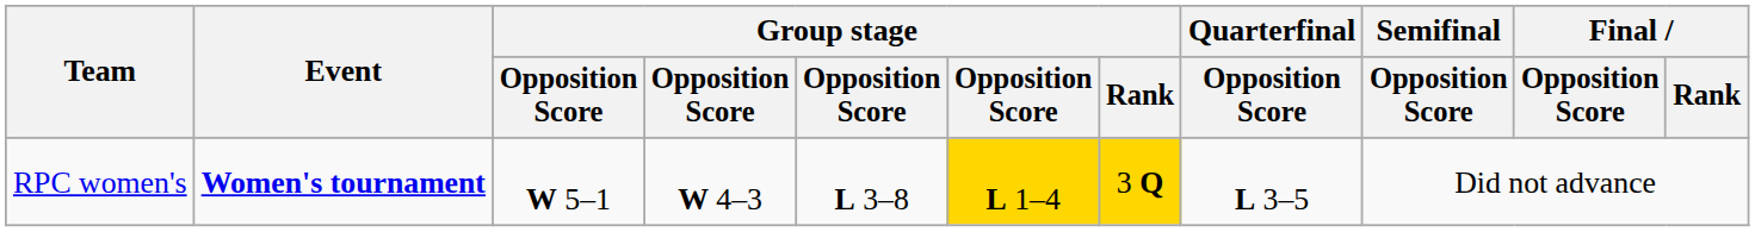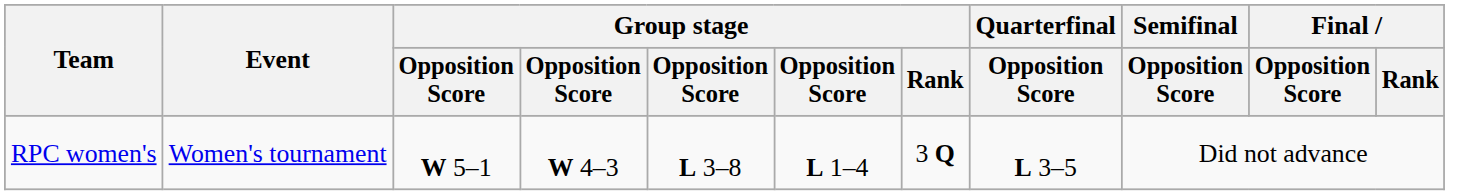 <table class="wikitable" style="text-align:center; font-size:90%">
 <tr>
 <th rowspan=2>Team</th>
 <th rowspan=2>Event</th>
 <th colspan=5>Group stage</th>
 <th>Quarterfinal</th>
 <th>Semifinal</th>
 <th colspan=2>Final / </th>
 </tr>
 <tr style="font-size:95%">
 <th>Opposition<br>Score</th>
 <th>Opposition<br>Score</th>
 <th>Opposition<br>Score</th>
 <th>Opposition<br>Score</th>
 <th>Rank</th>
 <th>Opposition<br>Score</th>
 <th>Opposition<br>Score</th>
 <th>Opposition<br>Score</th>
 <th>Rank</th>
 </tr>
 <tr>
 <td align=left><a href='#'>RPC women's</a></td>
-<td align=left><strong><a href='#'>Women's tournament</a></strong></td>
+<td align=left><a href='#'>Women's tournament</a></td>
 <td><br><strong>W</strong> 5–1</td>
 <td><br><strong>W</strong> 4–3</td>
 <td><br><strong>L</strong> 3–8</td>
-<td style="background: gold;"><br><strong>L</strong> 1–4</td>
-<td style="background: gold;">3 <strong>Q</strong></td>
+<td><br><strong>L</strong> 1–4</td>
+<td>3 <strong>Q</strong></td>
 <td><br><strong>L</strong> 3–5</td>
 <td colspan=3>Did not advance</td>
 </tr>
 </table>
